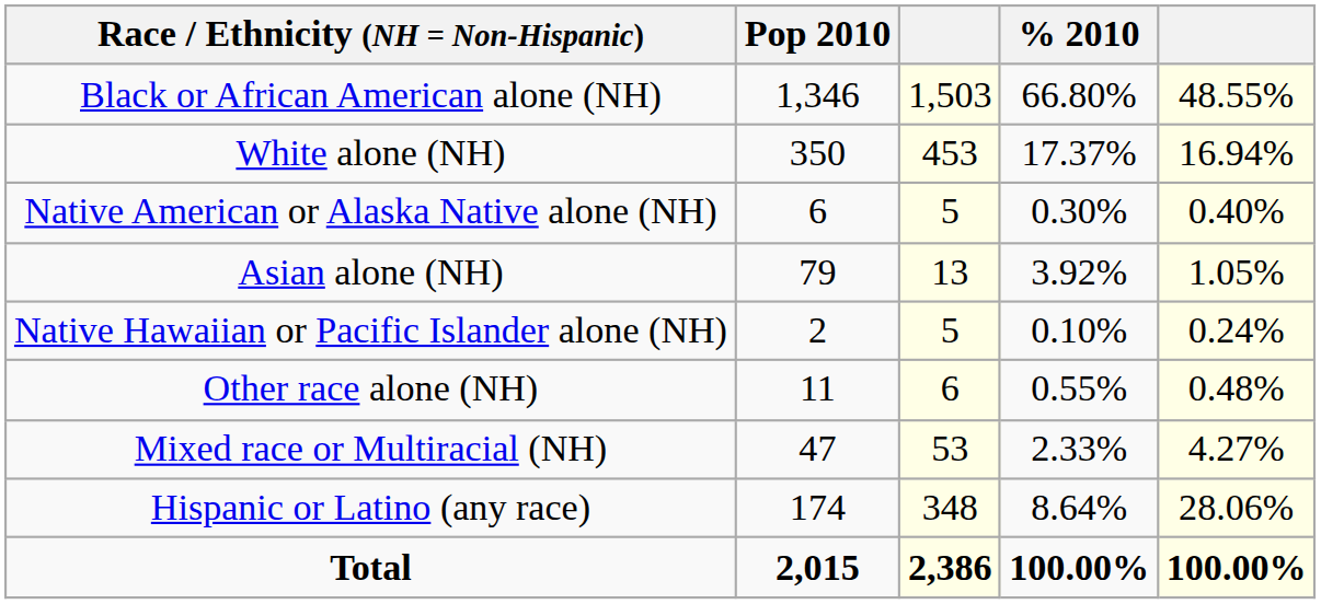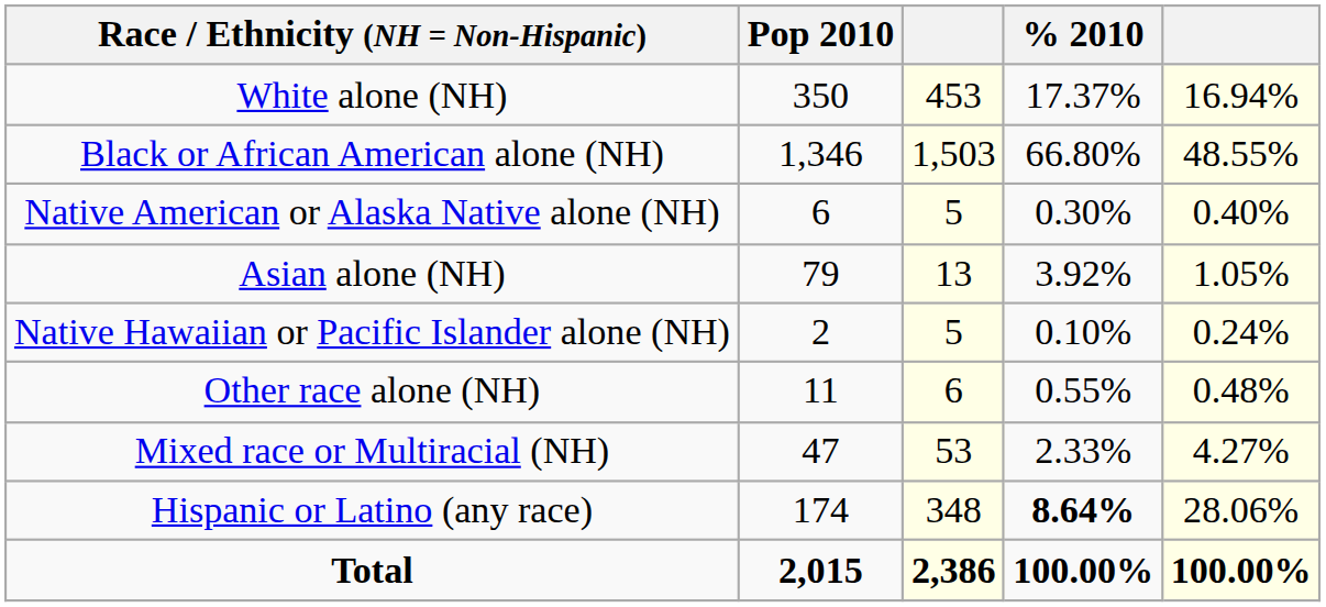 <table class="wikitable" style="text-align:center;">
 <tr>
 <th>Race / Ethnicity <small>(<em>NH = Non-Hispanic</em>)</small></th>
 <th>Pop 2010</th>
 <th></th>
 <th>% 2010</th>
 <th></th>
 </tr>
 <tr>
+<td><a href='#'>White</a> alone (NH)</td>
+<td>350</td>
+<td style='background: #ffffe6;'>453</td>
+<td>17.37%</td>
+<td style='background: #ffffe6;'>16.94%</td>
+</tr>
+<tr>
 <td><a href='#'>Black or African American</a> alone (NH)</td>
 <td>1,346</td>
 <td style='background: #ffffe6;'>1,503</td>
 <td>66.80%</td>
 <td style='background: #ffffe6;'>48.55%</td>
-</tr>
-<tr>
-<td><a href='#'>White</a> alone (NH)</td>
-<td>350</td>
-<td style='background: #ffffe6;'>453</td>
-<td>17.37%</td>
-<td style='background: #ffffe6;'>16.94%</td>
 </tr>
 <tr>
 <td><a href='#'>Native American</a> or <a href='#'>Alaska Native</a> alone (NH)</td>
 <td>6</td>
 <td style='background: #ffffe6;'>5</td>
 <td>0.30%</td>
 <td style='background: #ffffe6;'>0.40%</td>
 </tr>
 <tr>
 <td><a href='#'>Asian</a> alone (NH)</td>
 <td>79</td>
 <td style='background: #ffffe6;'>13</td>
 <td>3.92%</td>
 <td style='background: #ffffe6;'>1.05%</td>
 </tr>
 <tr>
 <td><a href='#'>Native Hawaiian</a> or <a href='#'>Pacific Islander</a> alone (NH)</td>
 <td>2</td>
 <td style='background: #ffffe6;'>5</td>
 <td>0.10%</td>
 <td style='background: #ffffe6;'>0.24%</td>
 </tr>
 <tr>
 <td><a href='#'>Other race</a> alone (NH)</td>
 <td>11</td>
 <td style='background: #ffffe6;'>6</td>
 <td>0.55%</td>
 <td style='background: #ffffe6;'>0.48%</td>
 </tr>
 <tr>
 <td><a href='#'>Mixed race or Multiracial</a> (NH)</td>
 <td>47</td>
 <td style='background: #ffffe6;'>53</td>
 <td>2.33%</td>
 <td style='background: #ffffe6;'>4.27%</td>
 </tr>
 <tr>
 <td><a href='#'>Hispanic or Latino</a> (any race)</td>
 <td>174</td>
 <td style='background: #ffffe6;'>348</td>
-<td>8.64%</td>
+<td><strong>8.64%</strong></td>
 <td style='background: #ffffe6;'>28.06%</td>
 </tr>
 <tr>
 <td><strong>Total</strong></td>
 <td><strong>2,015</strong></td>
 <td style='background: #ffffe6;'><strong>2,386</strong></td>
 <td><strong>100.00%</strong></td>
 <td style='background: #ffffe6;'><strong>100.00%</strong></td>
 </tr>
 </table>
